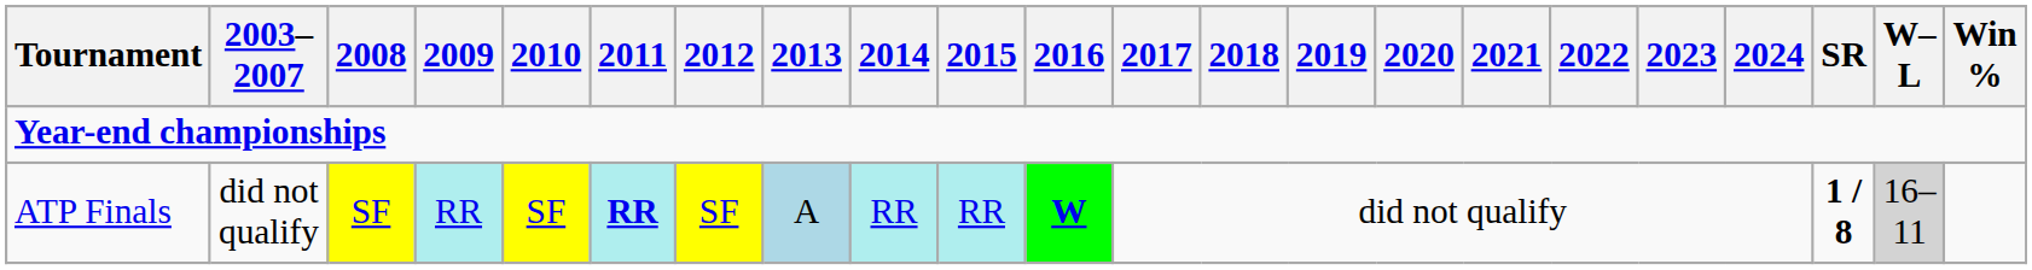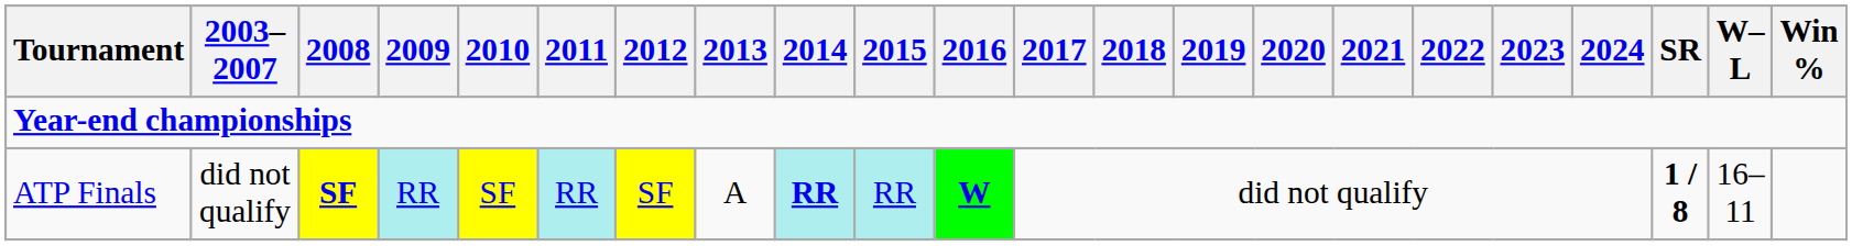 <table class="wikitable" style="text-align:center;font-size:86%;">
 <tr>
 <th>Tournament</th>
 <th><a href='#'>2003</a>–<a href='#'>2007</a></th>
 <th><a href='#'>2008</a></th>
 <th><a href='#'>2009</a></th>
 <th><a href='#'>2010</a></th>
 <th><a href='#'>2011</a></th>
 <th><a href='#'>2012</a></th>
 <th><a href='#'>2013</a></th>
 <th><a href='#'>2014</a></th>
 <th><a href='#'>2015</a></th>
 <th><a href='#'>2016</a></th>
 <th><a href='#'>2017</a></th>
 <th><a href='#'>2018</a></th>
 <th><a href='#'>2019</a></th>
 <th><a href='#'>2020</a></th>
 <th><a href='#'>2021</a></th>
 <th><a href='#'>2022</a></th>
 <th><a href='#'>2023</a></th>
 <th><a href='#'>2024</a></th>
 <th width=35>SR</th>
 <th width=35>W–L</th>
 <th width=35>Win %</th>
 </tr>
 <tr>
 <td colspan="25" style="text-align:left"><strong><a href='#'>Year-end championships</a></strong></td>
 </tr>
 <tr>
 <td align=left><a href='#'>ATP Finals</a></td>
 <td>did not qualify</td>
+<td bgcolor=yellow><strong><a href='#'>SF</a></strong></td>
+<td bgcolor=afeeee><a href='#'>RR</a></td>
 <td bgcolor=yellow><a href='#'>SF</a></td>
 <td bgcolor=afeeee><a href='#'>RR</a></td>
 <td bgcolor=yellow><a href='#'>SF</a></td>
+<td>A</td>
 <td bgcolor=afeeee><strong><a href='#'>RR</a></strong></td>
-<td bgcolor=yellow><a href='#'>SF</a></td>
-<td style="background: lightblue;">A</td>
-<td bgcolor=afeeee><a href='#'>RR</a></td>
 <td bgcolor=afeeee><a href='#'>RR</a></td>
 <td bgcolor=lime><a href='#'><strong>W</strong></a></td>
 <td colspan=8>did not qualify</td>
 <td><strong>1 / 8</strong></td>
-<td style="background: lightgrey;">16–11</td>
+<td>16–11</td>
 <td></td>
 </tr>
 </table>
